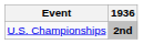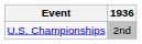 <table class="wikitable">
 <tr>
 <th>Event</th>
 <th>1936</th>
 </tr>
 <tr>
 <td><a href='#'>U.S. Championships</a></td>
-<td align="center" bgcolor="silver"><strong>2nd</strong></td>
+<td align="center" bgcolor="silver">2nd</td>
 </tr>
 </table>
